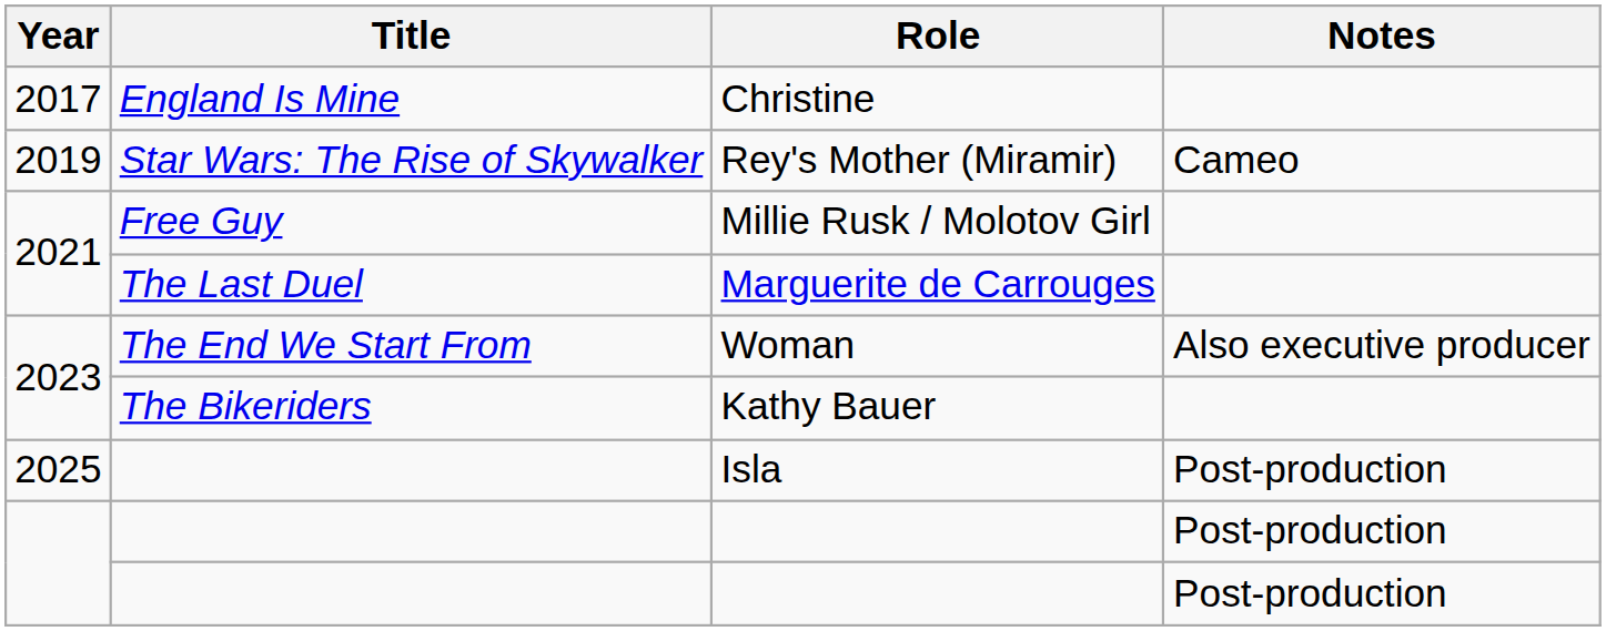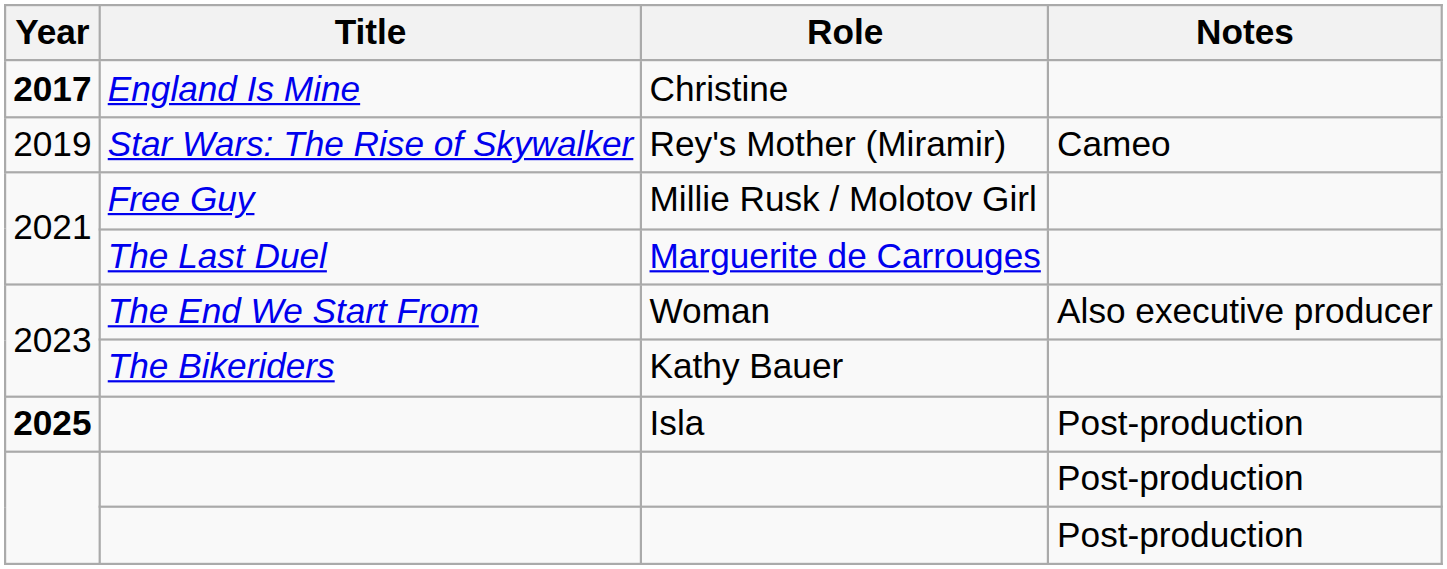 <table class="wikitable sortable">
 <tr>
 <th scope="col">Year</th>
 <th scope="col">Title</th>
 <th scope="col">Role</th>
 <th scope="col" class="unsortable">Notes</th>
 </tr>
 <tr>
-<td>2017</td>
+<td><strong>2017</strong></td>
 <td><em><a href='#'>England Is Mine</a></em></td>
 <td>Christine</td>
 <td></td>
 </tr>
 <tr>
 <td>2019</td>
 <td><em><a href='#'>Star Wars: The Rise of Skywalker</a></em></td>
 <td>Rey's Mother (Miramir)</td>
 <td>Cameo</td>
 </tr>
 <tr>
 <td rowspan="2">2021</td>
 <td><em><a href='#'>Free Guy</a></em></td>
 <td>Millie Rusk / Molotov Girl</td>
 <td></td>
 </tr>
 <tr>
 <td><em><a href='#'>The Last Duel</a></em></td>
 <td><a href='#'>Marguerite de Carrouges</a></td>
 <td></td>
 </tr>
 <tr>
 <td rowspan="2">2023</td>
 <td><em><a href='#'>The End We Start From</a></em></td>
 <td>Woman</td>
 <td>Also executive producer</td>
 </tr>
 <tr>
 <td><em><a href='#'>The Bikeriders</a></em></td>
 <td>Kathy Bauer</td>
 <td></td>
 </tr>
 <tr>
-<td>2025</td>
+<td><strong>2025</strong></td>
 <td></td>
 <td>Isla</td>
 <td>Post-production</td>
 </tr>
 <tr>
 <td rowspan="2"></td>
 <td></td>
 <td></td>
 <td>Post-production</td>
 </tr>
 <tr>
 <td></td>
 <td></td>
 <td>Post-production</td>
 </tr>
 </table>
